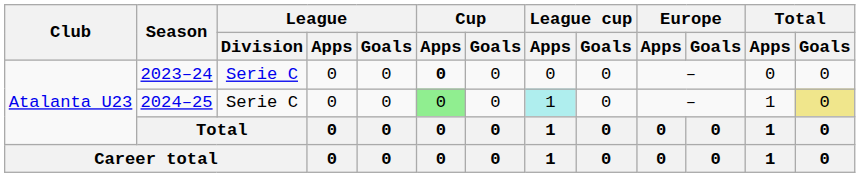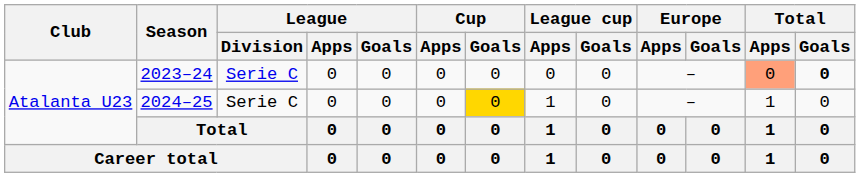 <table class="wikitable" style="text-align:center">
 <tr>
 <th rowspan="2">Club</th>
 <th rowspan="2">Season</th>
 <th colspan="3">League</th>
 <th colspan="2">Cup</th>
 <th colspan="2">League cup</th>
 <th colspan="2">Europe</th>
 <th colspan="2">Total</th>
 </tr>
 <tr>
 <th>Division</th>
 <th>Apps</th>
 <th>Goals</th>
 <th>Apps</th>
 <th>Goals</th>
 <th>Apps</th>
 <th>Goals</th>
 <th>Apps</th>
 <th>Goals</th>
 <th>Apps</th>
 <th>Goals</th>
 </tr>
 <tr>
 <td rowspan="3"><a href='#'>Atalanta U23</a></td>
 <td><a href='#'>2023–24</a></td>
 <td><a href='#'>Serie C</a></td>
 <td>0</td>
 <td>0</td>
-<td><strong>0</strong></td>
+<td>0</td>
 <td>0</td>
 <td>0</td>
 <td>0</td>
 <td colspan=2>–</td>
-<td>0</td>
-<td>0</td>
+<td style="background: lightsalmon;">0</td>
+<td><strong>0</strong></td>
 </tr>
 <tr>
 <td><a href='#'>2024–25</a></td>
 <td>Serie C</td>
 <td>0</td>
 <td>0</td>
-<td style="background: lightgreen;">0</td>
 <td>0</td>
-<td style="background: paleturquoise;">1</td>
+<td style="background: gold;">0</td>
+<td>1</td>
 <td>0</td>
 <td colspan=2>–</td>
 <td>1</td>
-<td style="background: khaki;">0</td>
+<td>0</td>
 </tr>
 <tr>
 <th colspan=2>Total</th>
 <th>0</th>
 <th>0</th>
 <th>0</th>
 <th>0</th>
 <th>1</th>
 <th>0</th>
 <th>0</th>
 <th>0</th>
 <th>1</th>
 <th>0</th>
 </tr>
 <tr>
 <th colspan="3">Career total</th>
 <th>0</th>
 <th>0</th>
 <th>0</th>
 <th>0</th>
 <th>1</th>
 <th>0</th>
 <th>0</th>
 <th>0</th>
 <th>1</th>
 <th>0</th>
 </tr>
 </table>
